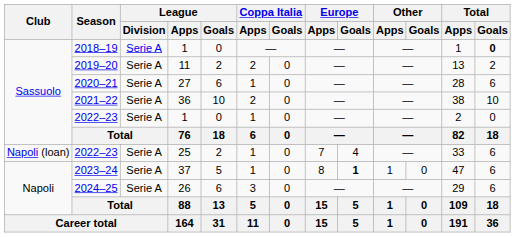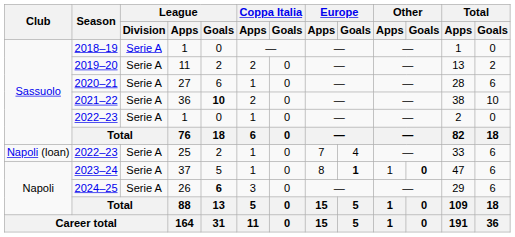 <table class=wikitable style=text-align:center>
 <tr>
 <th rowspan=2>Club</th>
 <th rowspan=2>Season</th>
 <th colspan=3>League</th>
 <th colspan=2><a href='#'>Coppa Italia</a></th>
 <th colspan=2><a href='#'>Europe</a></th>
 <th colspan=2>Other</th>
 <th colspan=2>Total</th>
 </tr>
 <tr>
 <th>Division</th>
 <th>Apps</th>
 <th>Goals</th>
 <th>Apps</th>
 <th>Goals</th>
 <th>Apps</th>
 <th>Goals</th>
 <th>Apps</th>
 <th>Goals</th>
 <th>Apps</th>
 <th>Goals</th>
 </tr>
 <tr>
 <td rowspan="6"><a href='#'>Sassuolo</a></td>
 <td><a href='#'>2018–19</a></td>
 <td><a href='#'>Serie A</a></td>
 <td>1</td>
 <td>0</td>
 <td colspan="2">—</td>
 <td colspan="2">—</td>
 <td colspan="2">—</td>
 <td>1</td>
-<td><strong>0</strong></td>
+<td>0</td>
 </tr>
 <tr>
 <td><a href='#'>2019–20</a></td>
 <td>Serie A</td>
 <td>11</td>
 <td>2</td>
 <td>2</td>
 <td>0</td>
 <td colspan="2">—</td>
 <td colspan="2">—</td>
 <td>13</td>
 <td>2</td>
 </tr>
 <tr>
 <td><a href='#'>2020–21</a></td>
 <td>Serie A</td>
 <td>27</td>
 <td>6</td>
 <td>1</td>
 <td>0</td>
 <td colspan="2">—</td>
 <td colspan="2">—</td>
 <td>28</td>
 <td>6</td>
 </tr>
 <tr>
 <td><a href='#'>2021–22</a></td>
 <td>Serie A</td>
 <td>36</td>
-<td>10</td>
+<td><strong>10</strong></td>
 <td>2</td>
 <td>0</td>
 <td colspan="2">—</td>
 <td colspan="2">—</td>
 <td>38</td>
 <td>10</td>
 </tr>
 <tr>
 <td><a href='#'>2022–23</a></td>
 <td>Serie A</td>
 <td>1</td>
 <td>0</td>
 <td>1</td>
 <td>0</td>
 <td colspan="2">—</td>
 <td colspan="2">—</td>
 <td>2</td>
 <td>0</td>
 </tr>
 <tr>
 <th colspan="2">Total</th>
 <th>76</th>
 <th>18</th>
 <th>6</th>
 <th>0</th>
 <th colspan="2">—</th>
 <th colspan="2">—</th>
 <th>82</th>
 <th>18</th>
 </tr>
 <tr>
 <td><a href='#'>Napoli</a> (loan)</td>
 <td><a href='#'>2022–23</a></td>
 <td>Serie A</td>
 <td>25</td>
 <td>2</td>
 <td>1</td>
 <td>0</td>
 <td>7</td>
 <td>4</td>
 <td colspan="2">—</td>
 <td>33</td>
 <td>6</td>
 </tr>
 <tr>
 <td rowspan="3">Napoli</td>
 <td><a href='#'>2023–24</a></td>
 <td>Serie A</td>
 <td>37</td>
 <td>5</td>
 <td>1</td>
 <td>0</td>
 <td>8</td>
 <td><strong>1</strong></td>
 <td>1</td>
-<td>0</td>
+<td><strong>0</strong></td>
 <td>47</td>
 <td>6</td>
 </tr>
 <tr>
 <td><a href='#'>2024–25</a></td>
 <td>Serie A</td>
 <td>26</td>
-<td>6</td>
+<td><strong>6</strong></td>
 <td>3</td>
 <td>0</td>
 <td colspan="2">—</td>
 <td colspan="2">—</td>
 <td>29</td>
 <td>6</td>
 </tr>
 <tr>
 <th colspan="2">Total</th>
 <th>88</th>
 <th>13</th>
 <th>5</th>
 <th>0</th>
 <th>15</th>
 <th>5</th>
 <th>1</th>
 <th>0</th>
 <th>109</th>
 <th>18</th>
 </tr>
 <tr>
 <th colspan="3">Career total</th>
 <th>164</th>
 <th>31</th>
 <th>11</th>
 <th>0</th>
 <th>15</th>
 <th>5</th>
 <th>1</th>
 <th>0</th>
 <th>191</th>
 <th>36</th>
 </tr>
 </table>
